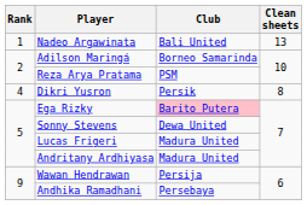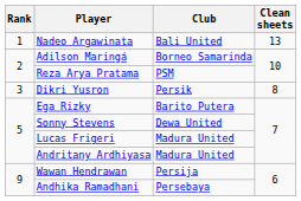 <table class="wikitable" style="text-align:center">
 <tr>
 <th>Rank</th>
 <th>Player</th>
 <th>Club</th>
 <th>Clean<br>sheets</th>
 </tr>
 <tr>
 <td>1</td>
 <td align="left"> <a href='#'>Nadeo Argawinata</a></td>
 <td align="left"><a href='#'>Bali United</a></td>
 <td>13</td>
 </tr>
 <tr>
 <td rowspan="2">2</td>
 <td align="left"> <a href='#'>Adilson Maringá</a></td>
 <td align="left"><a href='#'>Borneo Samarinda</a></td>
 <td rowspan="2">10</td>
 </tr>
 <tr>
 <td align="left"> <a href='#'>Reza Arya Pratama</a></td>
 <td align="left"><a href='#'>PSM</a></td>
 </tr>
 <tr>
-<td>4</td>
+<td>3</td>
 <td align="left"> <a href='#'>Dikri Yusron</a></td>
 <td align="left"><a href='#'>Persik</a></td>
 <td>8</td>
 </tr>
 <tr>
 <td rowspan="4">5</td>
 <td align="left"> <a href='#'>Ega Rizky</a></td>
-<td align="left" style="background: pink;"><a href='#'>Barito Putera</a></td>
+<td align="left"><a href='#'>Barito Putera</a></td>
 <td rowspan="4">7</td>
 </tr>
 <tr>
 <td align="left"> <a href='#'>Sonny Stevens</a></td>
 <td align="left"><a href='#'>Dewa United</a></td>
 </tr>
 <tr>
 <td align="left"> <a href='#'>Lucas Frigeri</a></td>
 <td align="left"><a href='#'>Madura United</a></td>
 </tr>
 <tr>
 <td align="left"> <a href='#'>Andritany Ardhiyasa</a></td>
 <td align="left"><a href='#'>Madura United</a></td>
 </tr>
 <tr>
 <td rowspan="2">9</td>
 <td align="left"> <a href='#'>Wawan Hendrawan</a></td>
 <td align="left"><a href='#'>Persija</a></td>
 <td rowspan="2">6</td>
 </tr>
 <tr>
 <td align="left"> <a href='#'>Andhika Ramadhani</a></td>
 <td align="left"><a href='#'>Persebaya</a></td>
 </tr>
 </table>
